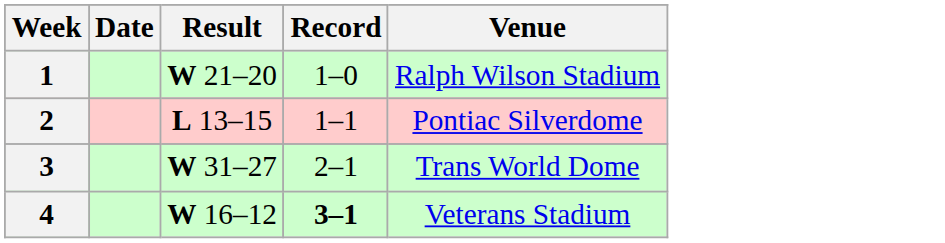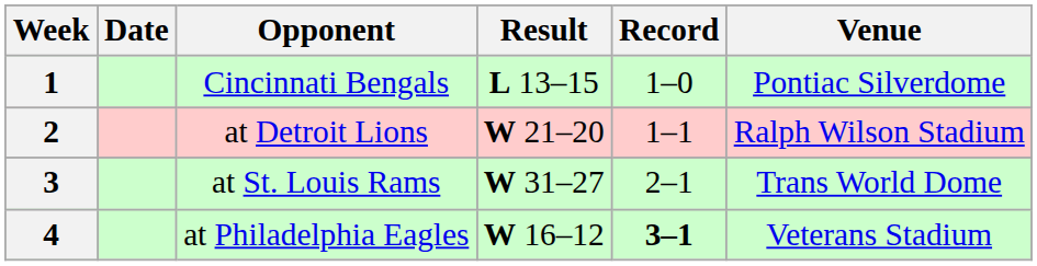 <table class="wikitable" style="text-align:center">
 <tr>
 <th>Week</th>
 <th>Date</th>
+<th>Opponent</th>
 <th>Result</th>
 <th>Record</th>
 <th>Venue</th>
 </tr>
 <tr style="background:#cfc">
 <th>1</th>
 <td></td>
-<td><strong>W</strong> 21–20</td>
+<td><a href='#'>Cincinnati Bengals</a></td>
+<td><strong>L</strong> 13–15</td>
 <td>1–0</td>
-<td><a href='#'>Ralph Wilson Stadium</a></td>
+<td><a href='#'>Pontiac Silverdome</a></td>
 </tr>
 <tr style="background:#fcc">
 <th>2</th>
 <td></td>
-<td><strong>L</strong> 13–15</td>
+<td>at <a href='#'>Detroit Lions</a></td>
+<td><strong>W</strong> 21–20</td>
 <td>1–1</td>
-<td><a href='#'>Pontiac Silverdome</a></td>
+<td><a href='#'>Ralph Wilson Stadium</a></td>
 </tr>
 <tr style="background:#cfc">
 <th>3</th>
 <td></td>
+<td>at <a href='#'>St. Louis Rams</a></td>
 <td><strong>W</strong> 31–27</td>
 <td>2–1</td>
 <td><a href='#'>Trans World Dome</a></td>
 </tr>
 <tr style="background:#cfc">
 <th>4</th>
 <td></td>
+<td>at <a href='#'>Philadelphia Eagles</a></td>
 <td><strong>W</strong> 16–12</td>
 <td><strong>3–1</strong></td>
 <td><a href='#'>Veterans Stadium</a></td>
 </tr>
 </table>
